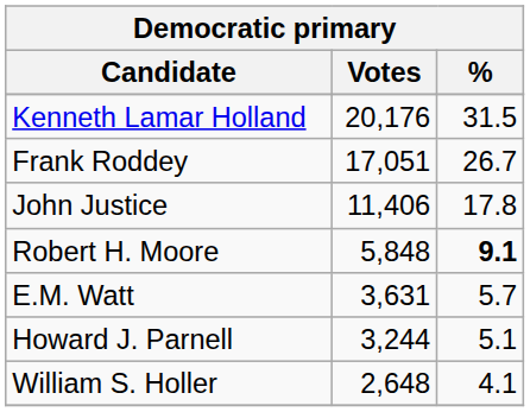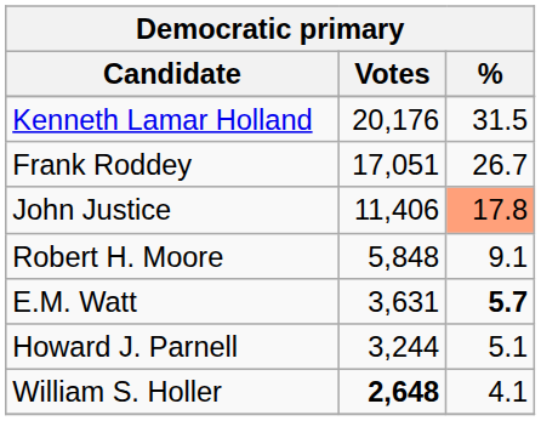 <table class="wikitable" align="left" style="margin: 1em 1em 1em 0; font-size: 95%;">
 <tr>
 <th colspan="3">Democratic primary</th>
 </tr>
 <tr>
 <th colspan="1" style="width: 170px">Candidate</th>
 <th style="width: 50px">Votes</th>
 <th style="width: 40px">%</th>
 </tr>
 <tr>
 </tr>
 <tr>
 <td><a href='#'>Kenneth Lamar Holland</a></td>
 <td align="right">20,176</td>
 <td align="right">31.5</td>
 </tr>
 <tr>
 <td>Frank Roddey</td>
 <td align="right">17,051</td>
 <td align="right">26.7</td>
 </tr>
 <tr>
 <td>John Justice</td>
 <td align="right">11,406</td>
-<td align="right">17.8</td>
+<td align="right" style="background: lightsalmon;">17.8</td>
 </tr>
 <tr>
 <td>Robert H. Moore</td>
 <td align="right">5,848</td>
-<td align="right"><strong>9.1</strong></td>
+<td align="right">9.1</td>
 </tr>
 <tr>
 <td>E.M. Watt</td>
 <td align="right">3,631</td>
-<td align="right">5.7</td>
+<td align="right"><strong>5.7</strong></td>
 </tr>
 <tr>
 <td>Howard J. Parnell</td>
 <td align="right">3,244</td>
 <td align="right">5.1</td>
 </tr>
 <tr>
 <td>William S. Holler</td>
-<td align="right">2,648</td>
+<td align="right"><strong>2,648</strong></td>
 <td align="right">4.1</td>
 </tr>
 <tr>
 </tr>
 </table>
